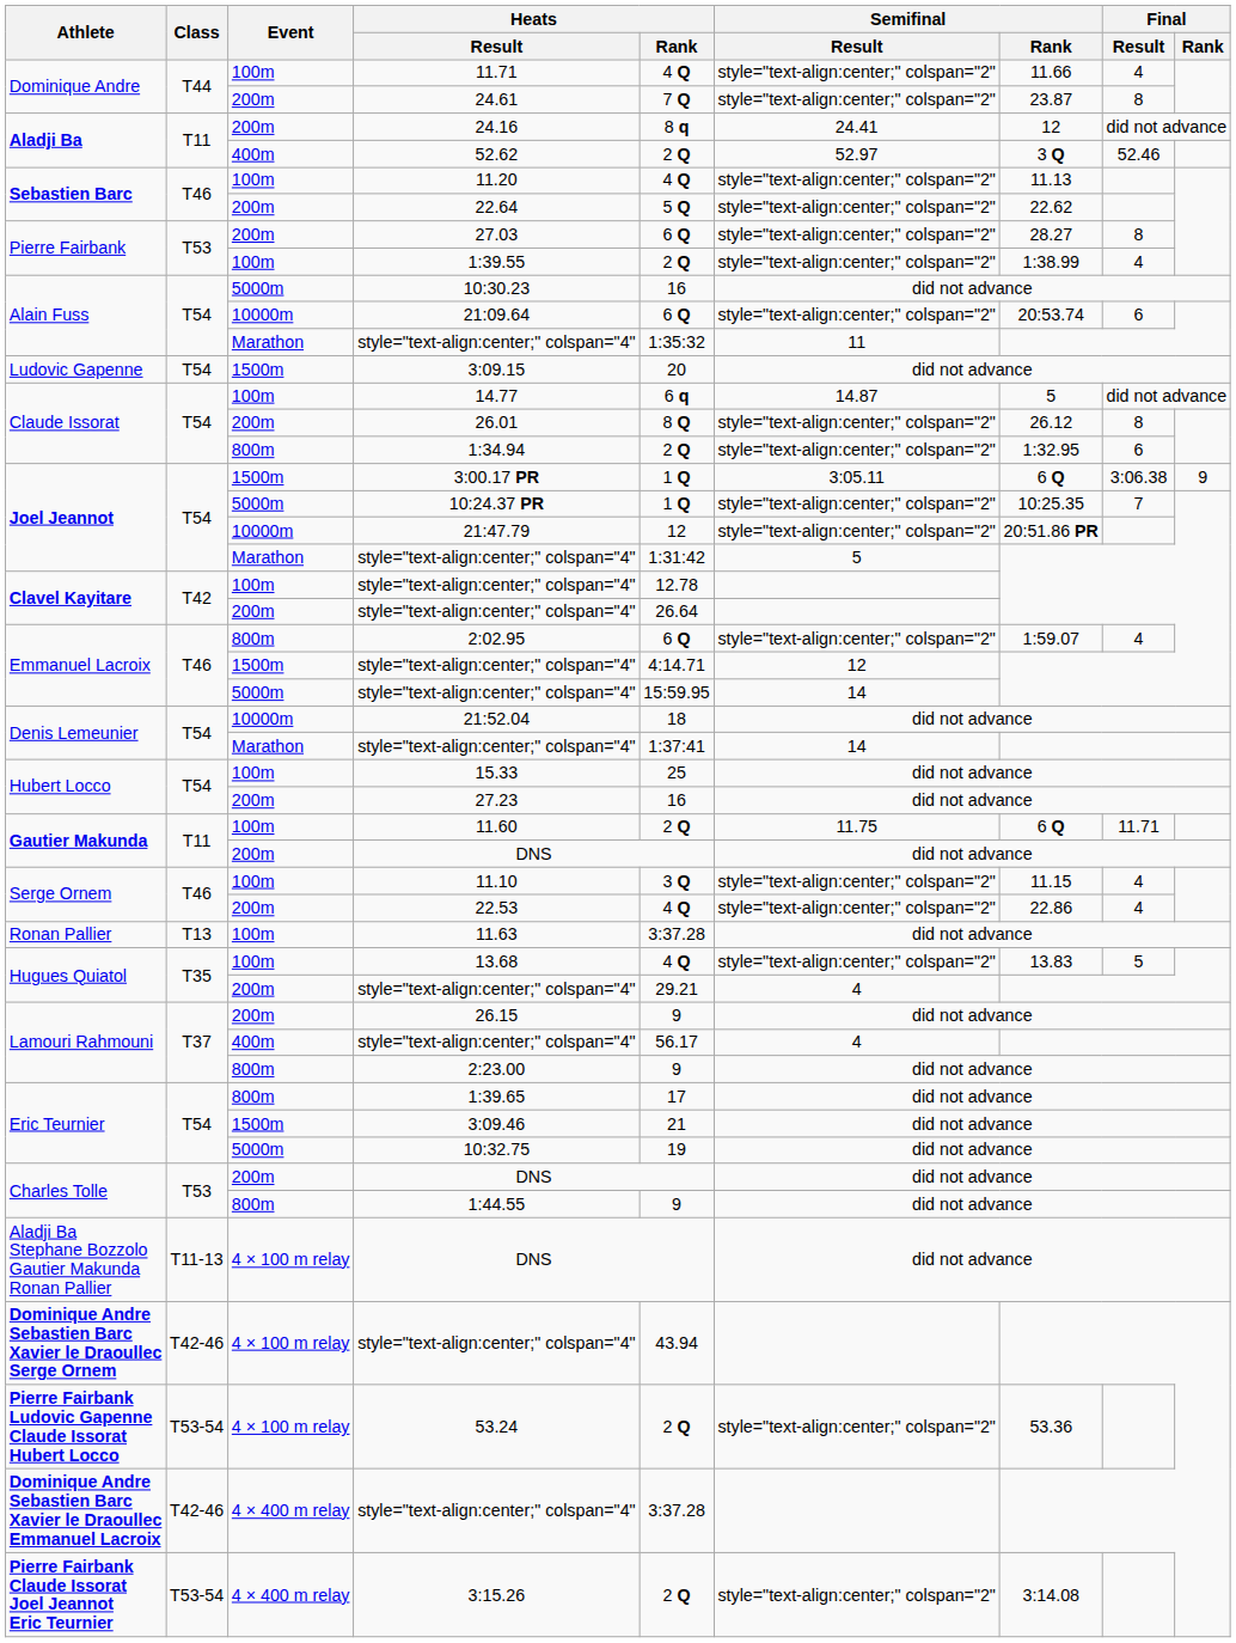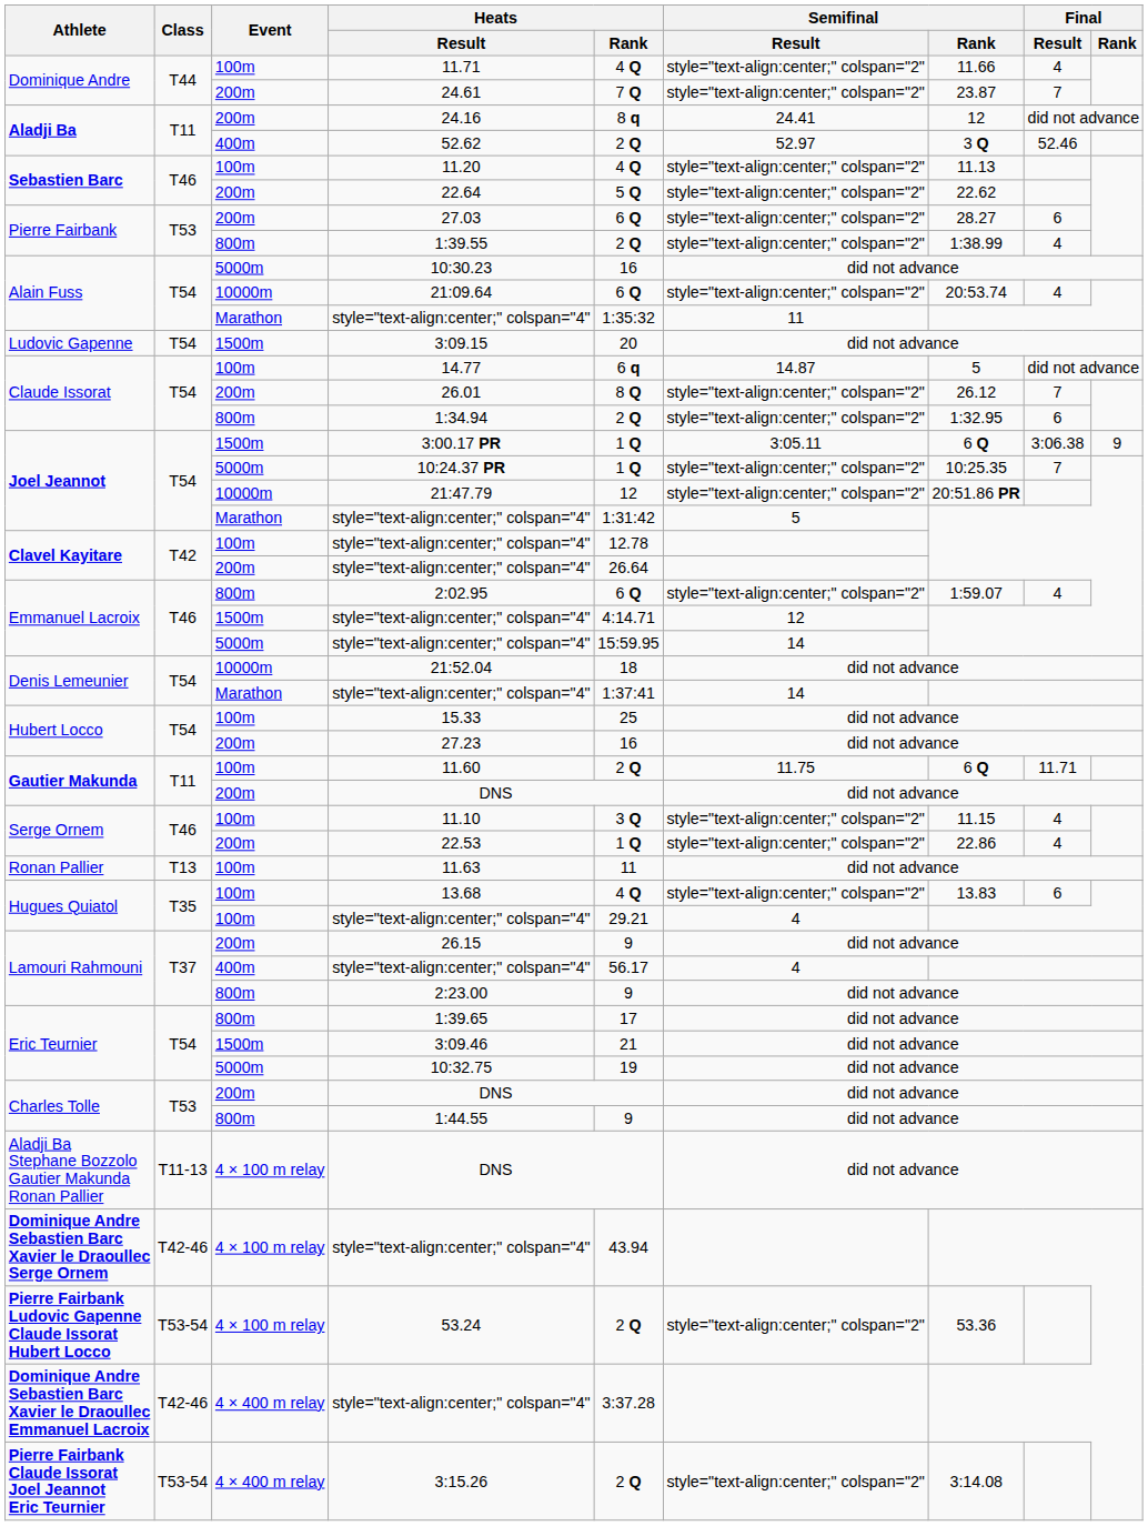 <table class=wikitable style="font-size:90%">
 <tr>
 <th rowspan="2">Athlete</th>
 <th rowspan="2">Class</th>
 <th rowspan="2">Event</th>
 <th colspan="2">Heats</th>
 <th colspan="2">Semifinal</th>
 <th colspan="2">Final</th>
 </tr>
 <tr>
 <th>Result</th>
 <th>Rank</th>
 <th>Result</th>
 <th>Rank</th>
 <th>Result</th>
 <th>Rank</th>
 </tr>
 <tr>
 <td rowspan="2"><a href='#'>Dominique Andre</a></td>
 <td rowspan="2" style="text-align:center;">T44</td>
 <td><a href='#'>100m</a></td>
 <td style="text-align:center;">11.71</td>
 <td style="text-align:center;">4 <strong>Q</strong></td>
 <td>style="text-align:center;" colspan="2" </td>
 <td style="text-align:center;">11.66</td>
 <td style="text-align:center;">4</td>
 </tr>
 <tr>
 <td><a href='#'>200m</a></td>
 <td style="text-align:center;">24.61</td>
 <td style="text-align:center;">7 <strong>Q</strong></td>
 <td>style="text-align:center;" colspan="2" </td>
 <td style="text-align:center;">23.87</td>
-<td style="text-align:center;">8</td>
+<td style="text-align:center;">7</td>
 </tr>
 <tr>
 <td rowspan="2"><strong><a href='#'>Aladji Ba</a></strong></td>
 <td rowspan="2" style="text-align:center;">T11</td>
 <td><a href='#'>200m</a></td>
 <td style="text-align:center;">24.16</td>
 <td style="text-align:center;">8 <strong>q</strong></td>
 <td style="text-align:center;">24.41</td>
 <td style="text-align:center;">12</td>
 <td style="text-align:center;" colspan="2">did not advance</td>
 </tr>
 <tr>
 <td><a href='#'>400m</a></td>
 <td style="text-align:center;">52.62</td>
 <td style="text-align:center;">2 <strong>Q</strong></td>
 <td style="text-align:center;">52.97</td>
 <td style="text-align:center;">3 <strong>Q</strong></td>
 <td style="text-align:center;">52.46</td>
 <td style="text-align:center;"></td>
 </tr>
 <tr>
 <td rowspan="2"><strong><a href='#'>Sebastien Barc</a></strong></td>
 <td rowspan="2" style="text-align:center;">T46</td>
 <td><a href='#'>100m</a></td>
 <td style="text-align:center;">11.20</td>
 <td style="text-align:center;">4 <strong>Q</strong></td>
 <td>style="text-align:center;" colspan="2" </td>
 <td style="text-align:center;">11.13</td>
 <td style="text-align:center;"></td>
 </tr>
 <tr>
 <td><a href='#'>200m</a></td>
 <td style="text-align:center;">22.64</td>
 <td style="text-align:center;">5 <strong>Q</strong></td>
 <td>style="text-align:center;" colspan="2" </td>
 <td style="text-align:center;">22.62</td>
 <td style="text-align:center;"></td>
 </tr>
 <tr>
 <td rowspan="2"><a href='#'>Pierre Fairbank</a></td>
 <td rowspan="2" style="text-align:center;">T53</td>
 <td><a href='#'>200m</a></td>
 <td style="text-align:center;">27.03</td>
 <td style="text-align:center;">6 <strong>Q</strong></td>
 <td>style="text-align:center;" colspan="2" </td>
 <td style="text-align:center;">28.27</td>
-<td style="text-align:center;">8</td>
+<td style="text-align:center;">6</td>
 </tr>
 <tr>
-<td><a href='#'>100m</a></td>
+<td><a href='#'>800m</a></td>
 <td style="text-align:center;">1:39.55</td>
 <td style="text-align:center;">2 <strong>Q</strong></td>
 <td>style="text-align:center;" colspan="2" </td>
 <td style="text-align:center;">1:38.99</td>
 <td style="text-align:center;">4</td>
 </tr>
 <tr>
 <td rowspan="3"><a href='#'>Alain Fuss</a></td>
 <td rowspan="3" style="text-align:center;">T54</td>
 <td><a href='#'>5000m</a></td>
 <td style="text-align:center;">10:30.23</td>
 <td style="text-align:center;">16</td>
 <td style="text-align:center;" colspan="4">did not advance</td>
 </tr>
 <tr>
 <td><a href='#'>10000m</a></td>
 <td style="text-align:center;">21:09.64</td>
 <td style="text-align:center;">6 <strong>Q</strong></td>
 <td>style="text-align:center;" colspan="2" </td>
 <td style="text-align:center;">20:53.74</td>
-<td style="text-align:center;">6</td>
+<td style="text-align:center;">4</td>
 </tr>
 <tr>
 <td><a href='#'>Marathon</a></td>
 <td>style="text-align:center;" colspan="4" </td>
 <td style="text-align:center;">1:35:32</td>
 <td style="text-align:center;">11</td>
 </tr>
 <tr>
 <td><a href='#'>Ludovic Gapenne</a></td>
 <td style="text-align:center;">T54</td>
 <td><a href='#'>1500m</a></td>
 <td style="text-align:center;">3:09.15</td>
 <td style="text-align:center;">20</td>
 <td style="text-align:center;" colspan="4">did not advance</td>
 </tr>
 <tr>
 <td rowspan="3"><a href='#'>Claude Issorat</a></td>
 <td rowspan="3" style="text-align:center;">T54</td>
 <td><a href='#'>100m</a></td>
 <td style="text-align:center;">14.77</td>
 <td style="text-align:center;">6 <strong>q</strong></td>
 <td style="text-align:center;">14.87</td>
 <td style="text-align:center;">5</td>
 <td style="text-align:center;" colspan="2">did not advance</td>
 </tr>
 <tr>
 <td><a href='#'>200m</a></td>
 <td style="text-align:center;">26.01</td>
 <td style="text-align:center;">8 <strong>Q</strong></td>
 <td>style="text-align:center;" colspan="2" </td>
 <td style="text-align:center;">26.12</td>
-<td style="text-align:center;">8</td>
+<td style="text-align:center;">7</td>
 </tr>
 <tr>
 <td><a href='#'>800m</a></td>
 <td style="text-align:center;">1:34.94</td>
 <td style="text-align:center;">2 <strong>Q</strong></td>
 <td>style="text-align:center;" colspan="2" </td>
 <td style="text-align:center;">1:32.95</td>
 <td style="text-align:center;">6</td>
 </tr>
 <tr>
 <td rowspan="4"><strong><a href='#'>Joel Jeannot</a></strong></td>
 <td rowspan="4" style="text-align:center;">T54</td>
 <td><a href='#'>1500m</a></td>
 <td style="text-align:center;">3:00.17 <strong>PR</strong></td>
 <td style="text-align:center;">1 <strong>Q</strong></td>
 <td style="text-align:center;">3:05.11</td>
 <td style="text-align:center;">6 <strong>Q</strong></td>
 <td style="text-align:center;">3:06.38</td>
 <td style="text-align:center;">9</td>
 </tr>
 <tr>
 <td><a href='#'>5000m</a></td>
 <td style="text-align:center;">10:24.37 <strong>PR</strong></td>
 <td style="text-align:center;">1 <strong>Q</strong></td>
 <td>style="text-align:center;" colspan="2" </td>
 <td style="text-align:center;">10:25.35</td>
 <td style="text-align:center;">7</td>
 </tr>
 <tr>
 <td><a href='#'>10000m</a></td>
 <td style="text-align:center;">21:47.79</td>
 <td style="text-align:center;">12</td>
 <td>style="text-align:center;" colspan="2" </td>
 <td style="text-align:center;">20:51.86 <strong>PR</strong></td>
 <td style="text-align:center;"></td>
 </tr>
 <tr>
 <td><a href='#'>Marathon</a></td>
 <td>style="text-align:center;" colspan="4" </td>
 <td style="text-align:center;">1:31:42</td>
 <td style="text-align:center;">5</td>
 </tr>
 <tr>
 <td rowspan="2"><strong><a href='#'>Clavel Kayitare</a></strong></td>
 <td rowspan="2" style="text-align:center;">T42</td>
 <td><a href='#'>100m</a></td>
 <td>style="text-align:center;" colspan="4" </td>
 <td style="text-align:center;">12.78</td>
 <td style="text-align:center;"></td>
 </tr>
 <tr>
 <td><a href='#'>200m</a></td>
 <td>style="text-align:center;" colspan="4" </td>
 <td style="text-align:center;">26.64</td>
 <td style="text-align:center;"></td>
 </tr>
 <tr>
 <td rowspan="3"><a href='#'>Emmanuel Lacroix</a></td>
 <td rowspan="3" style="text-align:center;">T46</td>
 <td><a href='#'>800m</a></td>
 <td style="text-align:center;">2:02.95</td>
 <td style="text-align:center;">6 <strong>Q</strong></td>
 <td>style="text-align:center;" colspan="2" </td>
 <td style="text-align:center;">1:59.07</td>
 <td style="text-align:center;">4</td>
 </tr>
 <tr>
 <td><a href='#'>1500m</a></td>
 <td>style="text-align:center;" colspan="4" </td>
 <td style="text-align:center;">4:14.71</td>
 <td style="text-align:center;">12</td>
 </tr>
 <tr>
 <td><a href='#'>5000m</a></td>
 <td>style="text-align:center;" colspan="4" </td>
 <td style="text-align:center;">15:59.95</td>
 <td style="text-align:center;">14</td>
 </tr>
 <tr>
 <td rowspan="2"><a href='#'>Denis Lemeunier</a></td>
 <td rowspan="2" style="text-align:center;">T54</td>
 <td><a href='#'>10000m</a></td>
 <td style="text-align:center;">21:52.04</td>
 <td style="text-align:center;">18</td>
 <td style="text-align:center;" colspan="4">did not advance</td>
 </tr>
 <tr>
 <td><a href='#'>Marathon</a></td>
 <td>style="text-align:center;" colspan="4" </td>
 <td style="text-align:center;">1:37:41</td>
 <td style="text-align:center;">14</td>
 </tr>
 <tr>
 <td rowspan="2"><a href='#'>Hubert Locco</a></td>
 <td rowspan="2" style="text-align:center;">T54</td>
 <td><a href='#'>100m</a></td>
 <td style="text-align:center;">15.33</td>
 <td style="text-align:center;">25</td>
 <td style="text-align:center;" colspan="4">did not advance</td>
 </tr>
 <tr>
 <td><a href='#'>200m</a></td>
 <td style="text-align:center;">27.23</td>
 <td style="text-align:center;">16</td>
 <td style="text-align:center;" colspan="4">did not advance</td>
 </tr>
 <tr>
 <td rowspan="2"><strong><a href='#'>Gautier Makunda</a></strong></td>
 <td rowspan="2" style="text-align:center;">T11</td>
 <td><a href='#'>100m</a></td>
 <td style="text-align:center;">11.60</td>
 <td style="text-align:center;">2 <strong>Q</strong></td>
 <td style="text-align:center;">11.75</td>
 <td style="text-align:center;">6 <strong>Q</strong></td>
 <td style="text-align:center;">11.71</td>
 <td style="text-align:center;"></td>
 </tr>
 <tr>
 <td><a href='#'>200m</a></td>
 <td style="text-align:center;" colspan="2">DNS</td>
 <td style="text-align:center;" colspan="4">did not advance</td>
 </tr>
 <tr>
 <td rowspan="2"><a href='#'>Serge Ornem</a></td>
 <td rowspan="2" style="text-align:center;">T46</td>
 <td><a href='#'>100m</a></td>
 <td style="text-align:center;">11.10</td>
 <td style="text-align:center;">3 <strong>Q</strong></td>
 <td>style="text-align:center;" colspan="2" </td>
 <td style="text-align:center;">11.15</td>
 <td style="text-align:center;">4</td>
 </tr>
 <tr>
 <td><a href='#'>200m</a></td>
 <td style="text-align:center;">22.53</td>
-<td style="text-align:center;">4 <strong>Q</strong></td>
+<td style="text-align:center;">1 <strong>Q</strong></td>
 <td>style="text-align:center;" colspan="2" </td>
 <td style="text-align:center;">22.86</td>
 <td style="text-align:center;">4</td>
 </tr>
 <tr>
 <td><a href='#'>Ronan Pallier</a></td>
 <td style="text-align:center;">T13</td>
 <td><a href='#'>100m</a></td>
 <td style="text-align:center;">11.63</td>
-<td style="text-align:center;">3:37.28</td>
+<td style="text-align:center;">11</td>
 <td style="text-align:center;" colspan="4">did not advance</td>
 </tr>
 <tr>
 <td rowspan="2"><a href='#'>Hugues Quiatol</a></td>
 <td rowspan="2" style="text-align:center;">T35</td>
 <td><a href='#'>100m</a></td>
 <td style="text-align:center;">13.68</td>
 <td style="text-align:center;">4 <strong>Q</strong></td>
 <td>style="text-align:center;" colspan="2" </td>
 <td style="text-align:center;">13.83</td>
-<td style="text-align:center;">5</td>
+<td style="text-align:center;">6</td>
 </tr>
 <tr>
-<td><a href='#'>200m</a></td>
+<td><a href='#'>100m</a></td>
 <td>style="text-align:center;" colspan="4" </td>
 <td style="text-align:center;">29.21</td>
 <td style="text-align:center;">4</td>
 </tr>
 <tr>
 <td rowspan="3"><a href='#'>Lamouri Rahmouni</a></td>
 <td rowspan="3" style="text-align:center;">T37</td>
 <td><a href='#'>200m</a></td>
 <td style="text-align:center;">26.15</td>
 <td style="text-align:center;">9</td>
 <td style="text-align:center;" colspan="4">did not advance</td>
 </tr>
 <tr>
 <td><a href='#'>400m</a></td>
 <td>style="text-align:center;" colspan="4" </td>
 <td style="text-align:center;">56.17</td>
 <td style="text-align:center;">4</td>
 </tr>
 <tr>
 <td><a href='#'>800m</a></td>
 <td style="text-align:center;">2:23.00</td>
 <td style="text-align:center;">9</td>
 <td style="text-align:center;" colspan="4">did not advance</td>
 </tr>
 <tr>
 <td rowspan="3"><a href='#'>Eric Teurnier</a></td>
 <td rowspan="3" style="text-align:center;">T54</td>
 <td><a href='#'>800m</a></td>
 <td style="text-align:center;">1:39.65</td>
 <td style="text-align:center;">17</td>
 <td style="text-align:center;" colspan="4">did not advance</td>
 </tr>
 <tr>
 <td><a href='#'>1500m</a></td>
 <td style="text-align:center;">3:09.46</td>
 <td style="text-align:center;">21</td>
 <td style="text-align:center;" colspan="4">did not advance</td>
 </tr>
 <tr>
 <td><a href='#'>5000m</a></td>
 <td style="text-align:center;">10:32.75</td>
 <td style="text-align:center;">19</td>
 <td style="text-align:center;" colspan="4">did not advance</td>
 </tr>
 <tr>
 <td rowspan="2"><a href='#'>Charles Tolle</a></td>
 <td rowspan="2" style="text-align:center;">T53</td>
 <td><a href='#'>200m</a></td>
 <td style="text-align:center;" colspan="2">DNS</td>
 <td style="text-align:center;" colspan="4">did not advance</td>
 </tr>
 <tr>
 <td><a href='#'>800m</a></td>
 <td style="text-align:center;">1:44.55</td>
 <td style="text-align:center;">9</td>
 <td style="text-align:center;" colspan="4">did not advance</td>
 </tr>
 <tr>
 <td><a href='#'>Aladji Ba</a><br> <a href='#'>Stephane Bozzolo</a><br> <a href='#'>Gautier Makunda</a><br> <a href='#'>Ronan Pallier</a></td>
 <td style="text-align:center;">T11-13</td>
 <td><a href='#'>4 × 100 m relay</a></td>
 <td style="text-align:center;" colspan="2">DNS</td>
 <td style="text-align:center;" colspan="4">did not advance</td>
 </tr>
 <tr>
 <td><strong><a href='#'>Dominique Andre</a></strong><br> <strong><a href='#'>Sebastien Barc</a></strong><br> <strong><a href='#'>Xavier le Draoullec</a></strong><br> <strong><a href='#'>Serge Ornem</a></strong></td>
 <td style="text-align:center;">T42-46</td>
 <td><a href='#'>4 × 100 m relay</a></td>
 <td>style="text-align:center;" colspan="4" </td>
 <td style="text-align:center;">43.94</td>
 <td style="text-align:center;"></td>
 </tr>
 <tr>
 <td><strong><a href='#'>Pierre Fairbank</a></strong><br> <strong><a href='#'>Ludovic Gapenne</a></strong><br> <strong><a href='#'>Claude Issorat</a></strong><br> <strong><a href='#'>Hubert Locco</a></strong></td>
 <td style="text-align:center;">T53-54</td>
 <td><a href='#'>4 × 100 m relay</a></td>
 <td style="text-align:center;">53.24</td>
 <td style="text-align:center;">2 <strong>Q</strong></td>
 <td>style="text-align:center;" colspan="2" </td>
 <td style="text-align:center;">53.36</td>
 <td style="text-align:center;"></td>
 </tr>
 <tr>
 <td><strong><a href='#'>Dominique Andre</a></strong><br> <strong><a href='#'>Sebastien Barc</a></strong><br> <strong><a href='#'>Xavier le Draoullec</a></strong><br> <strong><a href='#'>Emmanuel Lacroix</a></strong></td>
 <td style="text-align:center;">T42-46</td>
 <td><a href='#'>4 × 400 m relay</a></td>
 <td>style="text-align:center;" colspan="4" </td>
 <td style="text-align:center;">3:37.28</td>
 <td style="text-align:center;"></td>
 </tr>
 <tr>
 <td><strong><a href='#'>Pierre Fairbank</a></strong><br> <strong><a href='#'>Claude Issorat</a></strong><br> <strong><a href='#'>Joel Jeannot</a></strong><br> <strong><a href='#'>Eric Teurnier</a></strong></td>
 <td style="text-align:center;">T53-54</td>
 <td><a href='#'>4 × 400 m relay</a></td>
 <td style="text-align:center;">3:15.26</td>
 <td style="text-align:center;">2 <strong>Q</strong></td>
 <td>style="text-align:center;" colspan="2" </td>
 <td style="text-align:center;">3:14.08</td>
 <td style="text-align:center;"></td>
 </tr>
 </table>
